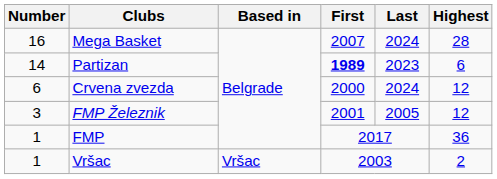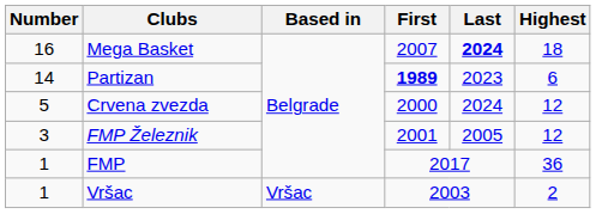 <table class="wikitable">
 <tr>
 <th>Number</th>
 <th style="width:150px">Clubs</th>
 <th style="width:100px">Based in</th>
 <th style="width:50px">First</th>
 <th style="width:50px">Last</th>
 <th>Highest</th>
 </tr>
 <tr>
 <td align=center>16</td>
 <td><a href='#'>Mega Basket</a></td>
 <td rowspan=5><a href='#'>Belgrade</a></td>
 <td align=center><a href='#'>2007</a></td>
-<td align=center><a href='#'>2024</a></td>
-<td align=center><a href='#'>28</a></td>
+<td align=center><strong><a href='#'>2024</a></strong></td>
+<td align=center><a href='#'>18</a></td>
 </tr>
 <tr>
 <td align=center>14</td>
 <td><a href='#'>Partizan</a></td>
 <td align=center><strong><a href='#'>1989</a></strong></td>
 <td align=center><a href='#'>2023</a></td>
 <td align=center><a href='#'>6</a></td>
 </tr>
 <tr>
-<td align=center>6</td>
+<td align=center>5</td>
 <td><a href='#'>Crvena zvezda</a></td>
 <td align=center><a href='#'>2000</a></td>
 <td align=center><a href='#'>2024</a></td>
 <td align=center><a href='#'>12</a></td>
 </tr>
 <tr>
 <td align=center>3</td>
 <td><em><a href='#'>FMP Železnik</a></em></td>
 <td align=center><a href='#'>2001</a></td>
 <td align=center><a href='#'>2005</a></td>
 <td align=center><a href='#'>12</a></td>
 </tr>
 <tr>
 <td align=center>1</td>
 <td><a href='#'>FMP</a></td>
 <td colspan=2 align=center><a href='#'>2017</a></td>
 <td align=center><a href='#'>36</a></td>
 </tr>
 <tr>
 <td align=center>1</td>
 <td><a href='#'>Vršac</a></td>
 <td><a href='#'>Vršac</a></td>
 <td colspan=2 align=center><a href='#'>2003</a></td>
 <td align=center><a href='#'>2</a></td>
 </tr>
 </table>
